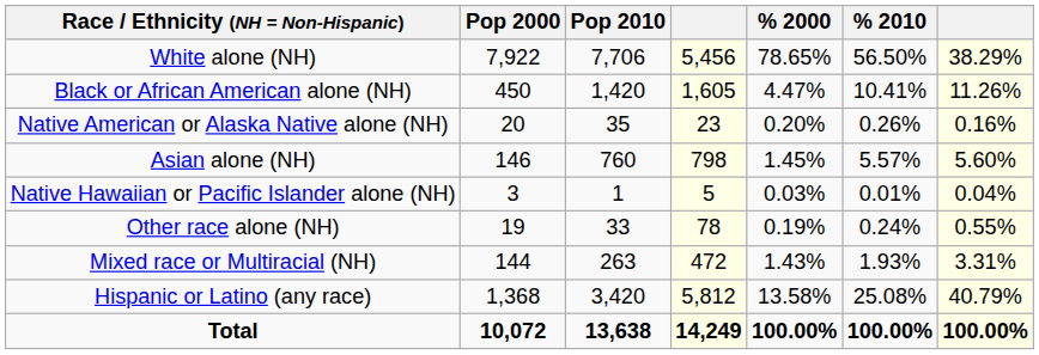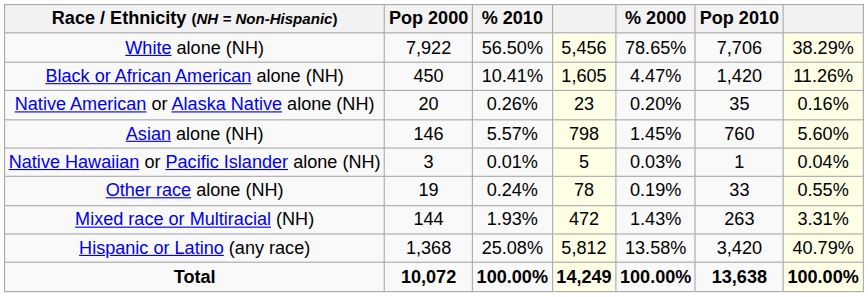 <table class="wikitable" style="text-align:center;">
 <tr>
 <th>Race / Ethnicity <small>(<em>NH = Non-Hispanic</em>)</small></th>
 <th>Pop 2000</th>
-<th>Pop 2010</th>
+<th>% 2010</th>
 <th></th>
 <th>% 2000</th>
-<th>% 2010</th>
+<th>Pop 2010</th>
 <th></th>
 </tr>
 <tr>
 <td><a href='#'>White</a> alone (NH)</td>
 <td>7,922</td>
-<td>7,706</td>
+<td>56.50%</td>
 <td style='background: #ffffe6;'>5,456</td>
 <td>78.65%</td>
-<td>56.50%</td>
+<td>7,706</td>
 <td style='background: #ffffe6;'>38.29%</td>
 </tr>
 <tr>
 <td><a href='#'>Black or African American</a> alone (NH)</td>
 <td>450</td>
-<td>1,420</td>
+<td>10.41%</td>
 <td style='background: #ffffe6;'>1,605</td>
 <td>4.47%</td>
-<td>10.41%</td>
+<td>1,420</td>
 <td style='background: #ffffe6;'>11.26%</td>
 </tr>
 <tr>
 <td><a href='#'>Native American</a> or <a href='#'>Alaska Native</a> alone (NH)</td>
 <td>20</td>
-<td>35</td>
+<td>0.26%</td>
 <td style='background: #ffffe6;'>23</td>
 <td>0.20%</td>
-<td>0.26%</td>
+<td>35</td>
 <td style='background: #ffffe6;'>0.16%</td>
 </tr>
 <tr>
 <td><a href='#'>Asian</a> alone (NH)</td>
 <td>146</td>
-<td>760</td>
+<td>5.57%</td>
 <td style='background: #ffffe6;'>798</td>
 <td>1.45%</td>
-<td>5.57%</td>
+<td>760</td>
 <td style='background: #ffffe6;'>5.60%</td>
 </tr>
 <tr>
 <td><a href='#'>Native Hawaiian</a> or <a href='#'>Pacific Islander</a> alone (NH)</td>
 <td>3</td>
-<td>1</td>
+<td>0.01%</td>
 <td style='background: #ffffe6;'>5</td>
 <td>0.03%</td>
-<td>0.01%</td>
+<td>1</td>
 <td style='background: #ffffe6;'>0.04%</td>
 </tr>
 <tr>
 <td><a href='#'>Other race</a> alone (NH)</td>
 <td>19</td>
-<td>33</td>
+<td>0.24%</td>
 <td style='background: #ffffe6;'>78</td>
 <td>0.19%</td>
-<td>0.24%</td>
+<td>33</td>
 <td style='background: #ffffe6;'>0.55%</td>
 </tr>
 <tr>
 <td><a href='#'>Mixed race or Multiracial</a> (NH)</td>
 <td>144</td>
-<td>263</td>
+<td>1.93%</td>
 <td style='background: #ffffe6;'>472</td>
 <td>1.43%</td>
-<td>1.93%</td>
+<td>263</td>
 <td style='background: #ffffe6;'>3.31%</td>
 </tr>
 <tr>
 <td><a href='#'>Hispanic or Latino</a> (any race)</td>
 <td>1,368</td>
-<td>3,420</td>
+<td>25.08%</td>
 <td style='background: #ffffe6;'>5,812</td>
 <td>13.58%</td>
-<td>25.08%</td>
+<td>3,420</td>
 <td style='background: #ffffe6;'>40.79%</td>
 </tr>
 <tr>
 <td><strong>Total</strong></td>
 <td><strong>10,072</strong></td>
-<td><strong>13,638</strong></td>
+<td><strong>100.00%</strong></td>
 <td style='background: #ffffe6;'><strong>14,249</strong></td>
 <td><strong>100.00%</strong></td>
-<td><strong>100.00%</strong></td>
+<td><strong>13,638</strong></td>
 <td style='background: #ffffe6;'><strong>100.00%</strong></td>
 </tr>
 </table>
